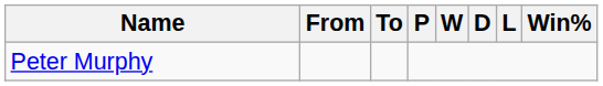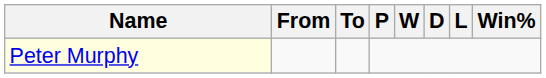 <table class="wikitable sortable" style="text-align: center">
 <tr>
 <th style="width:12em">Name</th>
 <th>From</th>
 <th>To</th>
 <th>P</th>
 <th>W</th>
 <th>D</th>
 <th>L</th>
 <th>Win%</th>
 </tr>
 <tr>
-<td align=left><a href='#'>Peter Murphy</a></td>
+<td align=left style="background: lightyellow;"><a href='#'>Peter Murphy</a></td>
 <td></td>
 <td><br></td>
 </tr>
 </table>
